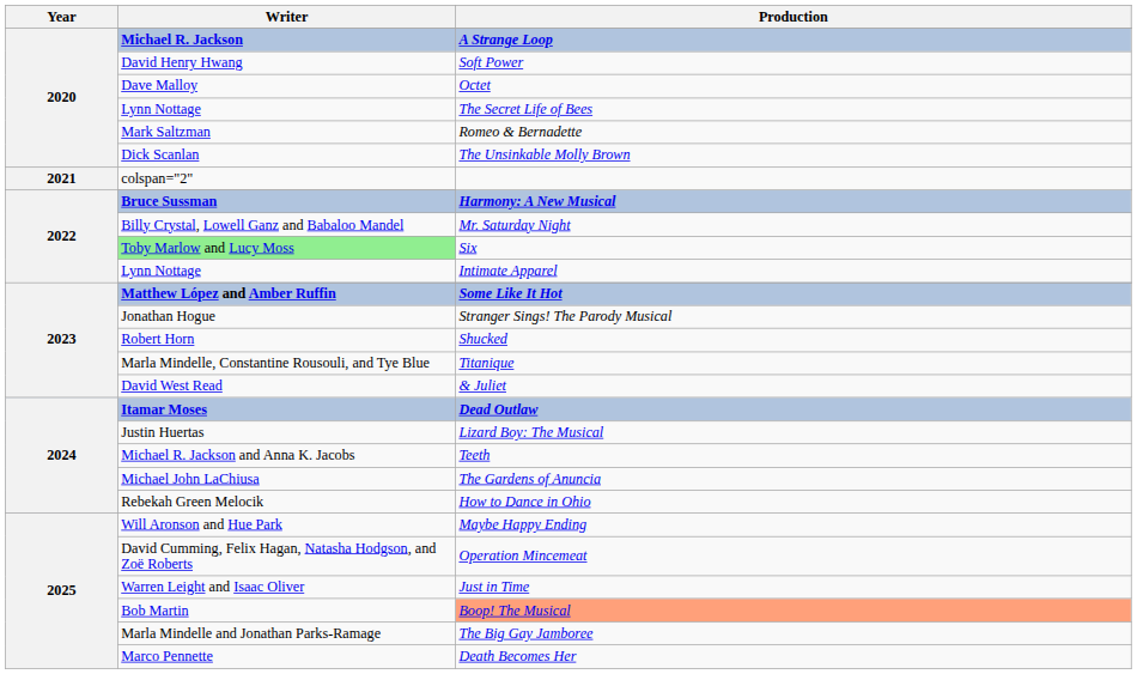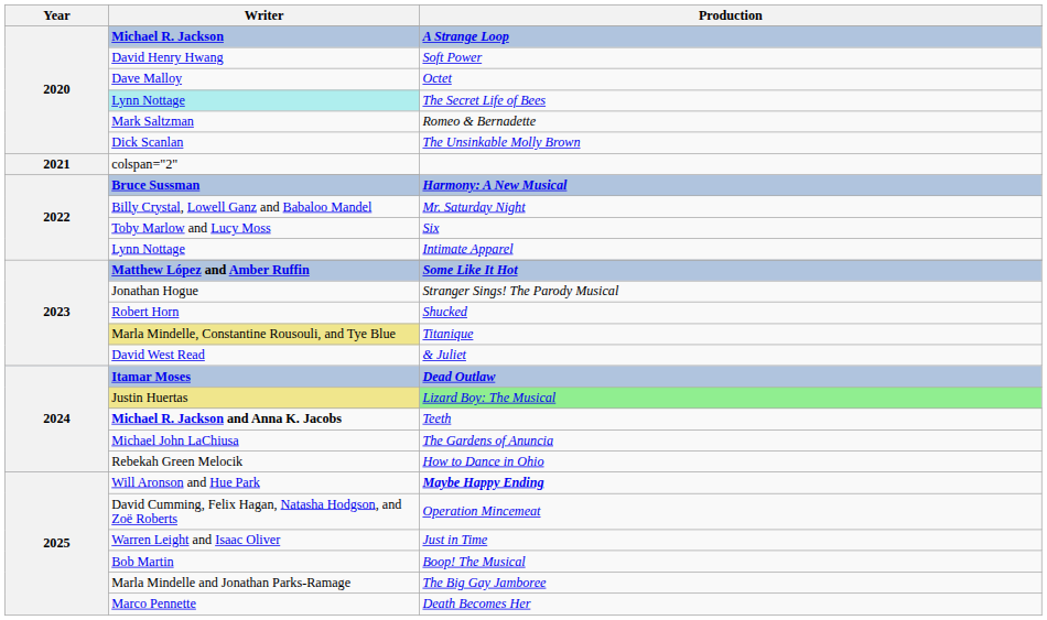 <table class="wikitable" style="width:98%;">
 <tr style="background:#bebebe;">
 <th style="width:10%;">Year</th>
 <th style="width:30%;">Writer</th>
 <th style="width:60%;">Production</th>
 </tr>
 <tr>
 <th rowspan="7" align="center">2020</th>
 </tr>
 <tr style="background:#B0C4DE">
 <td><strong><a href='#'>Michael R. Jackson</a></strong></td>
 <td><strong><em><a href='#'>A Strange Loop</a></em></strong></td>
 </tr>
 <tr>
 <td><a href='#'>David Henry Hwang</a></td>
 <td><em><a href='#'>Soft Power</a></em></td>
 </tr>
 <tr>
 <td><a href='#'>Dave Malloy</a></td>
 <td><em><a href='#'>Octet</a></em></td>
 </tr>
 <tr>
-<td><a href='#'>Lynn Nottage</a></td>
+<td style="background: paleturquoise;"><a href='#'>Lynn Nottage</a></td>
 <td><em><a href='#'>The Secret Life of Bees</a></em></td>
 </tr>
 <tr>
 <td><a href='#'>Mark Saltzman</a></td>
 <td><em>Romeo & Bernadette</em></td>
 </tr>
 <tr>
 <td><a href='#'>Dick Scanlan</a></td>
 <td><em><a href='#'>The Unsinkable Molly Brown</a></em></td>
 </tr>
 <tr>
 <th>2021</th>
 <td>colspan="2" </td>
 </tr>
 <tr>
 <th rowspan="5" align="center">2022</th>
 </tr>
 <tr style="background:#B0C4DE">
 <td><strong><a href='#'>Bruce Sussman</a></strong></td>
 <td><strong><em><a href='#'>Harmony: A New Musical</a></em></strong></td>
 </tr>
 <tr>
 <td><a href='#'>Billy Crystal</a>, <a href='#'>Lowell Ganz</a> and <a href='#'>Babaloo Mandel</a></td>
 <td><em><a href='#'>Mr. Saturday Night</a></em></td>
 </tr>
 <tr>
-<td style="background: lightgreen;"><a href='#'>Toby Marlow</a> and <a href='#'>Lucy Moss</a></td>
+<td><a href='#'>Toby Marlow</a> and <a href='#'>Lucy Moss</a></td>
 <td><em><a href='#'>Six</a></em></td>
 </tr>
 <tr>
 <td><a href='#'>Lynn Nottage</a></td>
 <td><em><a href='#'>Intimate Apparel</a></em></td>
 </tr>
 <tr>
 <th rowspan="6" align="center">2023</th>
 </tr>
 <tr style="background:#B0C4DE">
 <td><strong><a href='#'>Matthew López</a> and <a href='#'>Amber Ruffin</a></strong></td>
 <td><strong><em><a href='#'>Some Like It Hot</a></em></strong></td>
 </tr>
 <tr>
 <td>Jonathan Hogue</td>
 <td><em>Stranger Sings! The Parody Musical</em></td>
 </tr>
 <tr>
 <td><a href='#'>Robert Horn</a></td>
 <td><em><a href='#'>Shucked</a></em></td>
 </tr>
 <tr>
-<td>Marla Mindelle, Constantine Rousouli, and Tye Blue</td>
+<td style="background: khaki;">Marla Mindelle, Constantine Rousouli, and Tye Blue</td>
 <td><em><a href='#'>Titanique</a></em></td>
 </tr>
 <tr>
 <td><a href='#'>David West Read</a></td>
 <td><em><a href='#'>& Juliet</a></em></td>
 </tr>
 <tr style="background:#B0C4DE">
 <th rowspan="5" align="center">2024</th>
 <td><strong><a href='#'>Itamar Moses</a></strong></td>
 <td><strong><em><a href='#'> Dead Outlaw</a></em></strong></td>
 </tr>
 <tr>
-<td>Justin Huertas</td>
-<td><em><a href='#'>Lizard Boy: The Musical</a></em></td>
+<td style="background: khaki;">Justin Huertas</td>
+<td style="background: lightgreen;"><em><a href='#'>Lizard Boy: The Musical</a></em></td>
 </tr>
 <tr>
-<td><a href='#'>Michael R. Jackson</a> and Anna K. Jacobs</td>
+<td><strong><a href='#'>Michael R. Jackson</a> and Anna K. Jacobs</strong></td>
 <td><em><a href='#'> Teeth</a></em></td>
 </tr>
 <tr>
 <td><a href='#'>Michael John LaChiusa</a></td>
 <td><em><a href='#'>The Gardens of Anuncia</a></em></td>
 </tr>
 <tr>
 <td>Rebekah Green Melocik</td>
 <td><em><a href='#'>How to Dance in Ohio</a></em></td>
 </tr>
 <tr>
 <th rowspan=6>2025</th>
 <td><a href='#'>Will Aronson</a> and <a href='#'>Hue Park</a></td>
-<td><em><a href='#'>Maybe Happy Ending</a></em></td>
+<td><strong><em><a href='#'>Maybe Happy Ending</a></em></strong></td>
 </tr>
 <tr>
 <td>David Cumming, Felix Hagan, <a href='#'>Natasha Hodgson</a>, and <a href='#'>Zoë Roberts</a></td>
 <td><em><a href='#'>Operation Mincemeat</a></em></td>
 </tr>
 <tr>
 <td><a href='#'>Warren Leight</a> and <a href='#'>Isaac Oliver</a></td>
 <td><em><a href='#'>Just in Time</a></em></td>
 </tr>
 <tr>
 <td><a href='#'>Bob Martin</a></td>
-<td style="background: lightsalmon;"><em><a href='#'>Boop! The Musical</a></em></td>
+<td><em><a href='#'>Boop! The Musical</a></em></td>
 </tr>
 <tr>
 <td>Marla Mindelle and Jonathan Parks-Ramage</td>
 <td><em><a href='#'>The Big Gay Jamboree</a></em></td>
 </tr>
 <tr>
 <td><a href='#'>Marco Pennette</a></td>
 <td><em><a href='#'>Death Becomes Her</a></em></td>
 </tr>
 </table>
